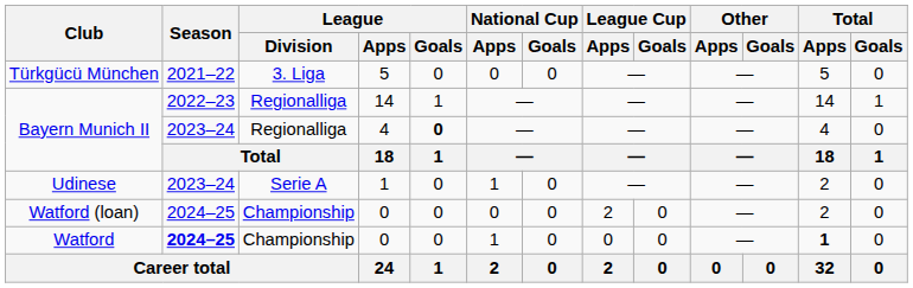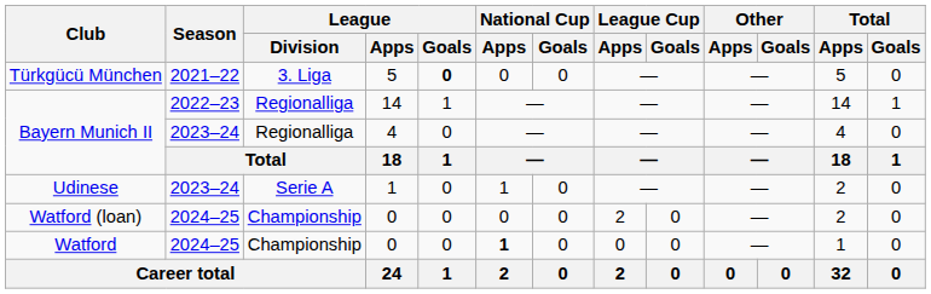 <table class=wikitable style=text-align:center>
 <tr>
 <th rowspan=2>Club</th>
 <th rowspan=2>Season</th>
 <th colspan=3>League</th>
 <th colspan=2>National Cup</th>
 <th colspan=2>League Cup</th>
 <th colspan=2>Other</th>
 <th colspan=2>Total</th>
 </tr>
 <tr>
 <th>Division</th>
 <th>Apps</th>
 <th>Goals</th>
 <th>Apps</th>
 <th>Goals</th>
 <th>Apps</th>
 <th>Goals</th>
 <th>Apps</th>
 <th>Goals</th>
 <th>Apps</th>
 <th>Goals</th>
 </tr>
 <tr>
 <td><a href='#'>Türkgücü München</a></td>
 <td><a href='#'>2021–22</a></td>
 <td><a href='#'>3. Liga</a></td>
 <td>5</td>
-<td>0</td>
+<td><strong>0</strong></td>
 <td>0</td>
 <td>0</td>
 <td colspan=2>—</td>
 <td colspan=2>—</td>
 <td>5</td>
 <td>0</td>
 </tr>
 <tr>
 <td rowspan=3><a href='#'>Bayern Munich II</a></td>
 <td><a href='#'>2022–23</a></td>
 <td><a href='#'>Regionalliga</a></td>
 <td>14</td>
 <td>1</td>
 <td colspan=2>—</td>
 <td colspan=2>—</td>
 <td colspan=2>—</td>
 <td>14</td>
 <td>1</td>
 </tr>
 <tr>
 <td><a href='#'>2023–24</a></td>
 <td>Regionalliga</td>
 <td>4</td>
-<td><strong>0</strong></td>
+<td>0</td>
 <td colspan=2>—</td>
 <td colspan=2>—</td>
 <td colspan=2>—</td>
 <td>4</td>
 <td>0</td>
 </tr>
 <tr>
 <th colspan=2>Total</th>
 <th>18</th>
 <th>1</th>
 <th colspan=2>—</th>
 <th colspan=2>—</th>
 <th colspan=2>—</th>
 <th>18</th>
 <th>1</th>
 </tr>
 <tr>
 <td><a href='#'>Udinese</a></td>
 <td><a href='#'>2023–24</a></td>
 <td><a href='#'>Serie A</a></td>
 <td>1</td>
 <td>0</td>
 <td>1</td>
 <td>0</td>
 <td colspan=2>—</td>
 <td colspan=2>—</td>
 <td>2</td>
 <td>0</td>
 </tr>
 <tr>
 <td><a href='#'>Watford</a> (loan)</td>
 <td><a href='#'>2024–25</a></td>
 <td><a href='#'>Championship</a></td>
 <td>0</td>
 <td>0</td>
 <td>0</td>
 <td>0</td>
 <td>2</td>
 <td>0</td>
 <td colspan=2>—</td>
 <td>2</td>
 <td>0</td>
 </tr>
 <tr>
 <td><a href='#'>Watford</a></td>
-<td><strong><a href='#'>2024–25</a></strong></td>
+<td><a href='#'>2024–25</a></td>
 <td>Championship</td>
 <td>0</td>
 <td>0</td>
-<td>1</td>
+<td><strong>1</strong></td>
 <td>0</td>
 <td>0</td>
 <td>0</td>
 <td colspan=2>—</td>
-<td><strong>1</strong></td>
+<td>1</td>
 <td>0</td>
 </tr>
 <tr>
 <th colspan="3">Career total</th>
 <th>24</th>
 <th>1</th>
 <th>2</th>
 <th>0</th>
 <th>2</th>
 <th>0</th>
 <th>0</th>
 <th>0</th>
 <th>32</th>
 <th>0</th>
 </tr>
 </table>
